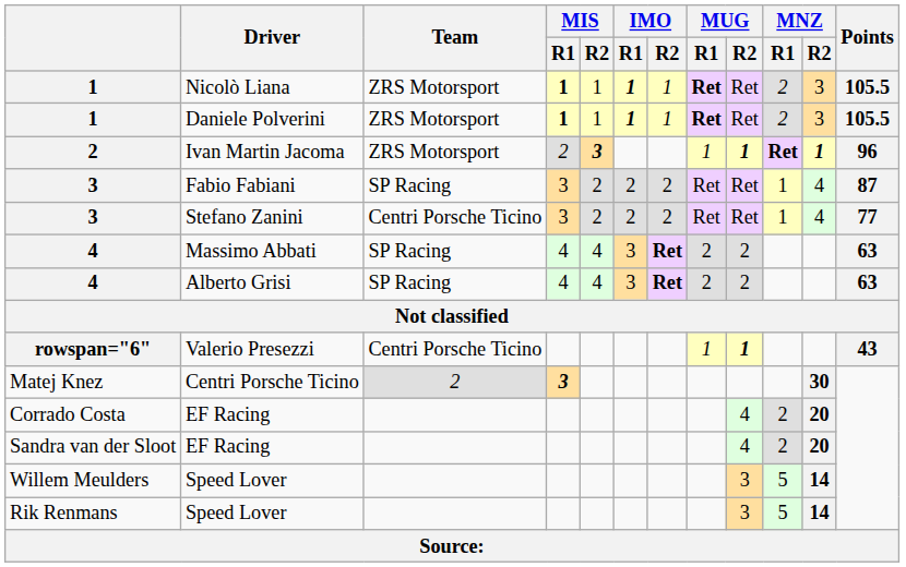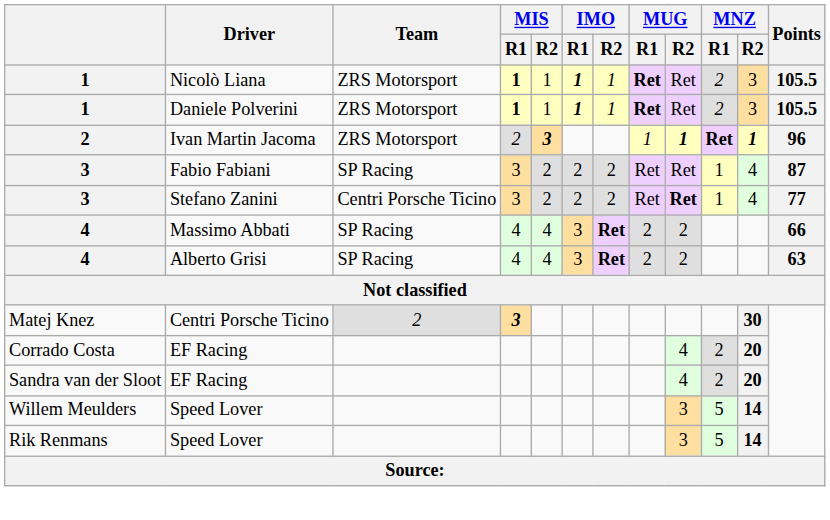 <table class="wikitable" style="font-size:85%; text-align:center;">
 <tr>
 <th rowspan="2"></th>
 <th rowspan="2">Driver</th>
 <th rowspan="2">Team</th>
 <th colspan="2"><a href='#'>MIS</a><br></th>
 <th colspan="2"><a href='#'>IMO</a><br></th>
 <th colspan="2"><a href='#'>MUG</a><br></th>
 <th colspan="2"><a href='#'>MNZ</a><br></th>
 <th rowspan="2">Points</th>
 </tr>
 <tr>
 <th>R1</th>
 <th>R2</th>
 <th>R1</th>
 <th>R2</th>
 <th>R1</th>
 <th>R2</th>
 <th>R1</th>
 <th>R2</th>
 </tr>
 <tr>
 <th>1</th>
 <td style="text-align:left"> Nicolò Liana</td>
 <td style="text-align:left"> ZRS Motorsport</td>
 <td style="background:#FFFFBF"><strong>1</strong></td>
 <td style="background:#FFFFBF">1</td>
 <td style="background:#FFFFBF"><strong><em>1</em></strong></td>
 <td style="background:#FFFFBF"><em>1</em></td>
 <td style="background:#EFCFFF"><strong>Ret</strong></td>
 <td style="background:#EFCFFF">Ret</td>
 <td style="background:#DFDFDF"><em>2</em></td>
 <td style="background:#FFDF9F">3</td>
 <th>105.5</th>
 </tr>
 <tr>
 <th>1</th>
 <td style="text-align:left"> Daniele Polverini</td>
 <td style="text-align:left"> ZRS Motorsport</td>
 <td style="background:#FFFFBF"><strong>1</strong></td>
 <td style="background:#FFFFBF">1</td>
 <td style="background:#FFFFBF"><strong><em>1</em></strong></td>
 <td style="background:#FFFFBF"><em>1</em></td>
 <td style="background:#EFCFFF"><strong>Ret</strong></td>
 <td style="background:#EFCFFF">Ret</td>
 <td style="background:#DFDFDF"><em>2</em></td>
 <td style="background:#FFDF9F">3</td>
 <th>105.5</th>
 </tr>
 <tr>
 <th>2</th>
 <td style="text-align:left"> Ivan Martin Jacoma</td>
 <td style="text-align:left"> ZRS Motorsport</td>
 <td style="background:#DFDFDF"><em>2</em></td>
 <td style="background:#FFDF9F"><strong><em>3</em></strong></td>
 <td style="background:#"></td>
 <td style="background:#"></td>
 <td style="background:#FFFFBF"><em>1</em></td>
 <td style="background:#FFFFBF"><strong><em>1</em></strong></td>
 <td style="background:#EFCFFF"><strong>Ret</strong></td>
 <td style="background:#FFFFBF"><strong><em>1</em></strong></td>
 <th>96</th>
 </tr>
 <tr>
 <th>3</th>
 <td style="text-align:left"> Fabio Fabiani</td>
 <td style="text-align:left"> SP Racing</td>
 <td style="background:#FFDF9F">3</td>
 <td style="background:#DFDFDF">2</td>
 <td style="background:#DFDFDF">2</td>
 <td style="background:#DFDFDF">2</td>
 <td style="background:#EFCFFF">Ret</td>
 <td style="background:#EFCFFF">Ret</td>
 <td style="background:#FFFFBF">1</td>
 <td style="background:#DFFFDF">4</td>
 <th>87</th>
 </tr>
 <tr>
 <th>3</th>
 <td style="text-align:left"> Stefano Zanini</td>
 <td style="text-align:left"> Centri Porsche Ticino</td>
 <td style="background:#FFDF9F">3</td>
 <td style="background:#DFDFDF">2</td>
 <td style="background:#DFDFDF">2</td>
 <td style="background:#DFDFDF">2</td>
 <td style="background:#EFCFFF">Ret</td>
-<td style="background:#EFCFFF">Ret</td>
+<td style="background:#EFCFFF"><strong>Ret</strong></td>
 <td style="background:#FFFFBF">1</td>
 <td style="background:#DFFFDF">4</td>
 <th>77</th>
 </tr>
 <tr>
 <th>4</th>
 <td style="text-align:left"> Massimo Abbati</td>
 <td style="text-align:left"> SP Racing</td>
 <td style="background:#DFFFDF">4</td>
 <td style="background:#DFFFDF">4</td>
 <td style="background:#FFDF9F">3</td>
 <td style="background:#EFCFFF"><strong>Ret</strong></td>
 <td style="background:#DFDFDF">2</td>
 <td style="background:#DFDFDF">2</td>
 <td style="background:#"></td>
 <td style="background:#"></td>
-<th>63</th>
+<th>66</th>
 </tr>
 <tr>
 <th>4</th>
 <td style="text-align:left"> Alberto Grisi</td>
 <td style="text-align:left"> SP Racing</td>
 <td style="background:#DFFFDF">4</td>
 <td style="background:#DFFFDF">4</td>
 <td style="background:#FFDF9F">3</td>
 <td style="background:#EFCFFF"><strong>Ret</strong></td>
 <td style="background:#DFDFDF">2</td>
 <td style="background:#DFDFDF">2</td>
 <td style="background:#"></td>
 <td style="background:#"></td>
 <th>63</th>
 </tr>
 <tr>
 <th colspan="12">Not classified</th>
-</tr>
-<tr>
-<th>rowspan="6" </th>
-<td style="text-align:left"> Valerio Presezzi</td>
-<td style="text-align:left"> Centri Porsche Ticino</td>
-<td style="background:#"></td>
-<td style="background:#"></td>
-<td style="background:#"></td>
-<td style="background:#"></td>
-<td style="background:#FFFFBF"><em>1</em></td>
-<td style="background:#FFFFBF"><strong><em>1</em></strong></td>
-<td style="background:#"></td>
-<td style="background:#"></td>
-<th>43</th>
 </tr>
 <tr>
 <td style="text-align:left"> Matej Knez</td>
 <td style="text-align:left"> Centri Porsche Ticino</td>
 <td style="background:#DFDFDF"><em>2</em></td>
 <td style="background:#FFDF9F"><strong><em>3</em></strong></td>
 <td style="background:#"></td>
 <td style="background:#"></td>
 <td style="background:#"></td>
 <td style="background:#"></td>
 <td style="background:#"></td>
 <td style="background:#"></td>
 <th>30</th>
 </tr>
 <tr>
 <td style="text-align:left"> Corrado Costa</td>
 <td style="text-align:left"> EF Racing</td>
 <td style="background:#"></td>
 <td style="background:#"></td>
 <td style="background:#"></td>
 <td style="background:#"></td>
 <td style="background:#"></td>
 <td style="background:#"></td>
 <td style="background:#DFFFDF">4</td>
 <td style="background:#DFDFDF">2</td>
 <th>20</th>
 </tr>
 <tr>
 <td style="text-align:left"> Sandra van der Sloot</td>
 <td style="text-align:left"> EF Racing</td>
 <td style="background:#"></td>
 <td style="background:#"></td>
 <td style="background:#"></td>
 <td style="background:#"></td>
 <td style="background:#"></td>
 <td style="background:#"></td>
 <td style="background:#DFFFDF">4</td>
 <td style="background:#DFDFDF">2</td>
 <th>20</th>
 </tr>
 <tr>
 <td style="text-align:left"> Willem Meulders</td>
 <td style="text-align:left"> Speed Lover</td>
 <td style="background:#"></td>
 <td style="background:#"></td>
 <td style="background:#"></td>
 <td style="background:#"></td>
 <td style="background:#"></td>
 <td style="background:#"></td>
 <td style="background:#FFDF9F">3</td>
 <td style="background:#DFFFDF">5</td>
 <th>14</th>
 </tr>
 <tr>
 <td style="text-align:left"> Rik Renmans</td>
 <td style="text-align:left"> Speed Lover</td>
 <td style="background:#"></td>
 <td style="background:#"></td>
 <td style="background:#"></td>
 <td style="background:#"></td>
 <td style="background:#"></td>
 <td style="background:#"></td>
 <td style="background:#FFDF9F">3</td>
 <td style="background:#DFFFDF">5</td>
 <th>14</th>
 </tr>
 <tr>
 <th colspan="12">Source:</th>
 </tr>
 </table>
